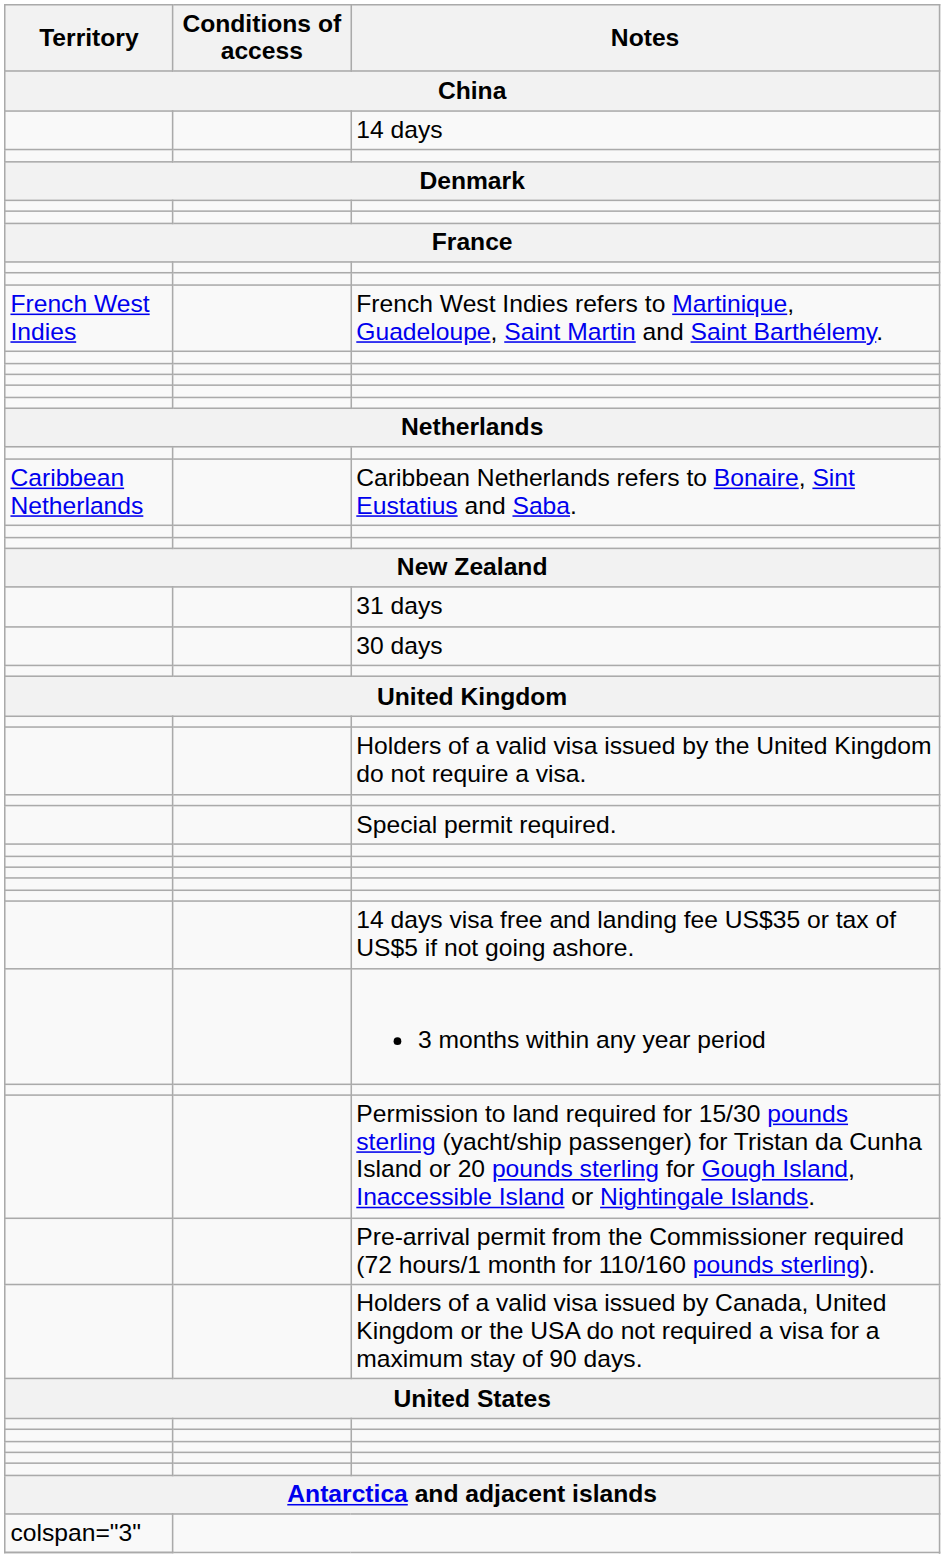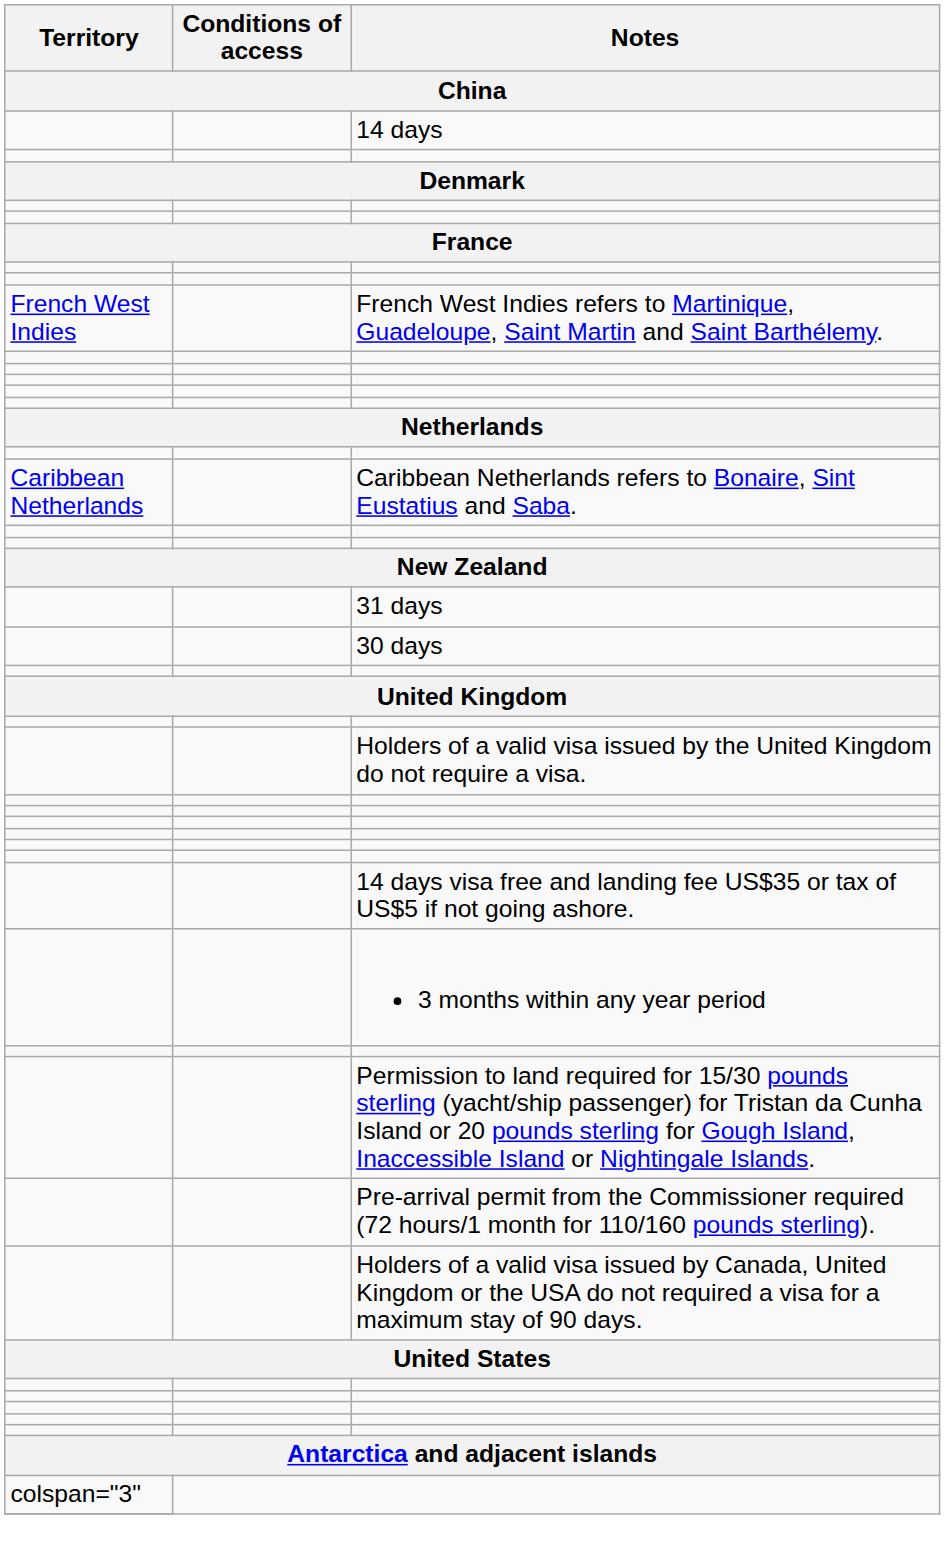 <table class="wikitable" style="text-align: left; table-layout: fixed;">
 <tr>
 <th width="18%">Territory</th>
 <th width="19%">Conditions of access</th>
 <th>Notes</th>
 </tr>
 <tr>
 <th colspan="3">China</th>
 </tr>
 <tr>
 <td></td>
 <td></td>
 <td>14 days</td>
 </tr>
 <tr>
 <td></td>
 <td></td>
 <td></td>
 </tr>
 <tr>
 <th colspan="3">Denmark</th>
 </tr>
 <tr>
 <td></td>
 <td></td>
 <td></td>
 </tr>
 <tr>
 <td></td>
 <td></td>
 <td></td>
 </tr>
 <tr>
 <th colspan="3">France</th>
 </tr>
 <tr>
 <td></td>
 <td></td>
 <td></td>
 </tr>
 <tr>
 <td></td>
 <td></td>
 <td></td>
 </tr>
 <tr>
 <td> <a href='#'>French West Indies</a></td>
 <td></td>
 <td>French West Indies refers to <a href='#'>Martinique</a>, <a href='#'>Guadeloupe</a>, <a href='#'>Saint Martin</a> and <a href='#'>Saint Barthélemy</a>.</td>
 </tr>
 <tr>
 <td></td>
 <td></td>
 <td></td>
 </tr>
 <tr>
 <td></td>
 <td></td>
 <td></td>
 </tr>
 <tr>
 <td></td>
 <td></td>
 <td></td>
 </tr>
 <tr>
 <td></td>
 <td></td>
 <td></td>
 </tr>
 <tr>
 <td></td>
 <td></td>
 <td></td>
 </tr>
 <tr>
 <th colspan="3">Netherlands</th>
 </tr>
 <tr>
 <td></td>
 <td></td>
 <td></td>
 </tr>
 <tr>
 <td> <a href='#'>Caribbean Netherlands</a></td>
 <td></td>
 <td>Caribbean Netherlands refers to <a href='#'>Bonaire</a>, <a href='#'>Sint Eustatius</a> and <a href='#'>Saba</a>.</td>
 </tr>
 <tr>
 <td></td>
 <td></td>
 <td></td>
 </tr>
 <tr>
 <td></td>
 <td></td>
 <td></td>
 </tr>
 <tr>
 <th colspan="3">New Zealand</th>
 </tr>
 <tr>
 <td></td>
 <td></td>
 <td>31 days</td>
 </tr>
 <tr>
 <td></td>
 <td></td>
 <td>30 days</td>
 </tr>
 <tr>
 <td></td>
 <td></td>
 <td></td>
 </tr>
 <tr>
 <th colspan="3">United Kingdom</th>
 </tr>
 <tr>
 <td></td>
 <td></td>
 <td></td>
 </tr>
 <tr>
 <td></td>
 <td></td>
 <td>Holders of a valid visa issued by the United Kingdom do not require a visa.</td>
 </tr>
 <tr>
 <td></td>
 <td></td>
 <td></td>
 </tr>
 <tr>
 <td></td>
 <td></td>
-<td>Special permit required.</td>
-</tr>
-<tr>
-<td></td>
-<td></td>
 <td></td>
 </tr>
 <tr>
 <td></td>
 <td></td>
 <td></td>
 </tr>
 <tr>
 <td></td>
 <td></td>
 <td></td>
 </tr>
 <tr>
 <td></td>
 <td></td>
 <td></td>
 </tr>
 <tr>
 <td></td>
 <td></td>
 <td></td>
 </tr>
 <tr>
 <td></td>
 <td></td>
 <td>14 days visa free and landing fee US$35 or tax of US$5 if not going ashore.</td>
 </tr>
 <tr>
 <td></td>
 <td></td>
 <td><br><ul><li>3 months within any year period</li></ul></td>
 </tr>
 <tr>
 <td></td>
 <td></td>
 <td></td>
 </tr>
 <tr>
 <td></td>
 <td></td>
 <td>Permission to land required for 15/30 <a href='#'>pounds sterling</a> (yacht/ship passenger) for Tristan da Cunha Island or 20 <a href='#'>pounds sterling</a> for <a href='#'>Gough Island</a>, <a href='#'>Inaccessible Island</a> or <a href='#'>Nightingale Islands</a>.</td>
 </tr>
 <tr>
 <td></td>
 <td></td>
 <td>Pre-arrival permit from the Commissioner required (72 hours/1 month for 110/160 <a href='#'>pounds sterling</a>).</td>
 </tr>
 <tr>
 <td></td>
 <td></td>
 <td>Holders of a valid visa issued by Canada, United Kingdom or the USA do not required a visa for a maximum stay of 90 days.</td>
 </tr>
 <tr>
 <th colspan="3">United States</th>
 </tr>
 <tr>
 <td></td>
 <td></td>
 <td></td>
 </tr>
 <tr>
 <td></td>
 <td></td>
 <td></td>
 </tr>
 <tr>
 <td></td>
 <td></td>
 <td></td>
 </tr>
 <tr>
 <td></td>
 <td></td>
 <td></td>
 </tr>
 <tr>
 <td></td>
 <td></td>
 <td></td>
 </tr>
 <tr>
 <th colspan="3"><a href='#'>Antarctica</a> and adjacent islands</th>
 </tr>
 <tr>
 <td>colspan="3" </td>
 </tr>
 <tr>
 </tr>
 </table>
